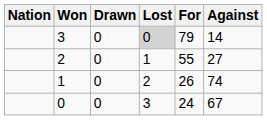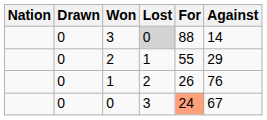 <table class="wikitable">
 <tr>
 <th>Nation</th>
+<th>Drawn</th>
 <th>Won</th>
-<th>Drawn</th>
 <th>Lost</th>
 <th>For</th>
 <th>Against</th>
 </tr>
 <tr>
 <td></td>
+<td>0</td>
 <td>3</td>
-<td>0</td>
 <td style="background: lightgrey;">0</td>
-<td>79</td>
+<td>88</td>
 <td>14</td>
 </tr>
 <tr>
 <td></td>
+<td>0</td>
 <td>2</td>
-<td>0</td>
 <td>1</td>
 <td>55</td>
-<td>27</td>
+<td>29</td>
 </tr>
 <tr>
 <td></td>
+<td>0</td>
 <td>1</td>
-<td>0</td>
 <td>2</td>
 <td>26</td>
-<td>74</td>
+<td>76</td>
 </tr>
 <tr>
 <td></td>
 <td>0</td>
 <td>0</td>
 <td>3</td>
-<td>24</td>
+<td style="background: lightsalmon;">24</td>
 <td>67</td>
 </tr>
 </table>
